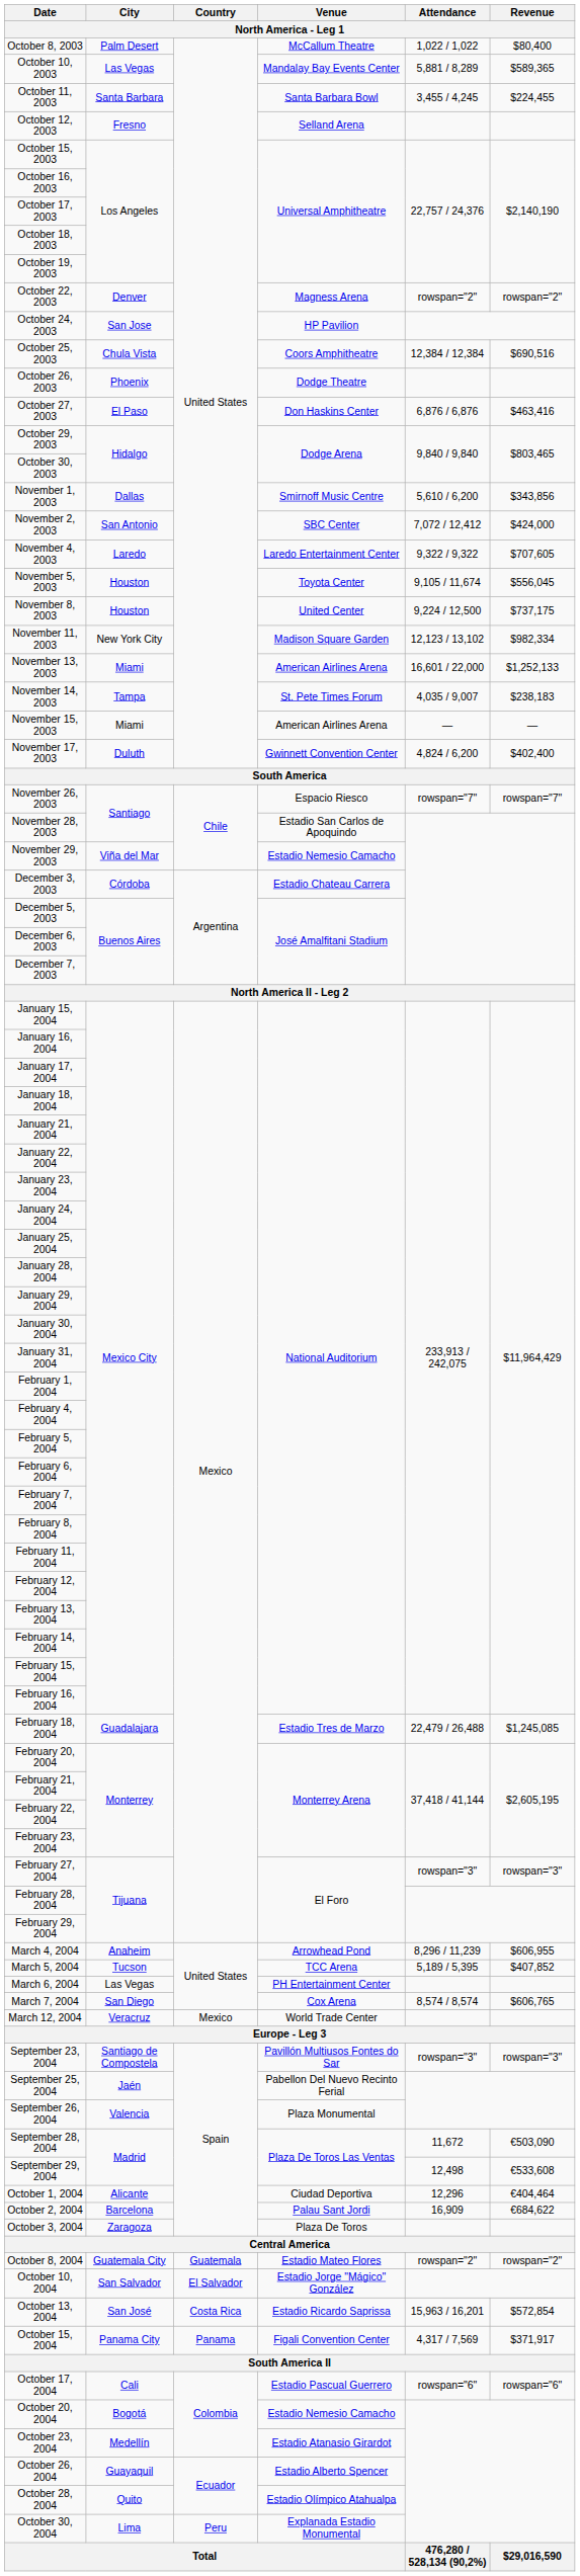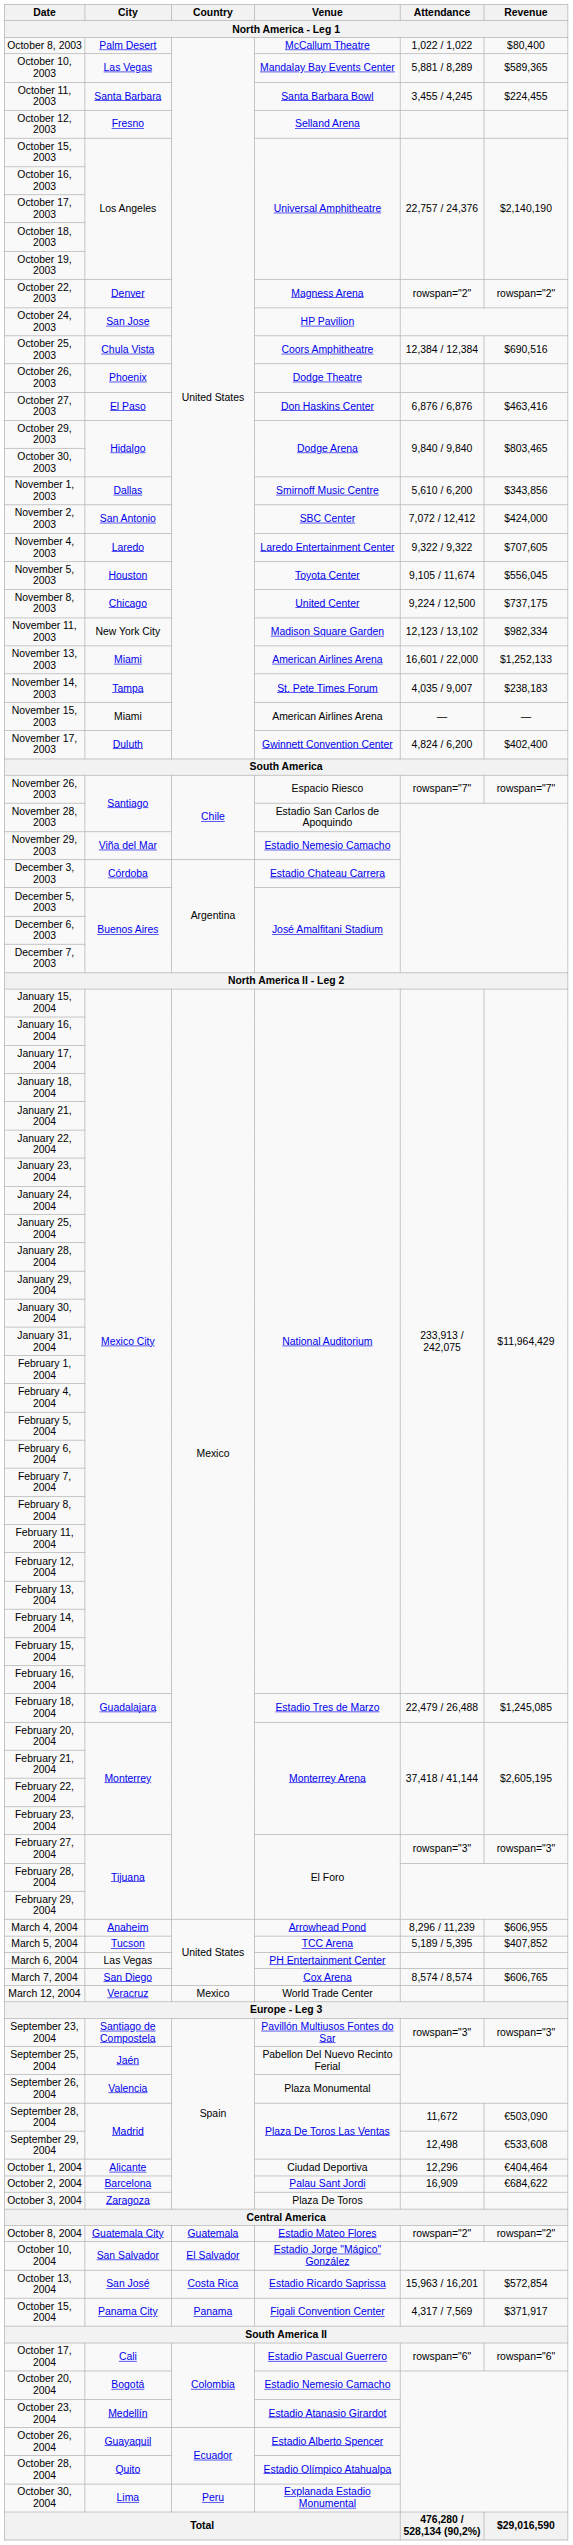 <table class="wikitable plainrowheaders" style="text-align:center;">
 <tr>
 <th width="150">Date</th>
 <th width="160">City</th>
 <th width="160">Country</th>
 <th width="320">Venue</th>
 <th width="150">Attendance</th>
 <th width="150">Revenue</th>
 </tr>
 <tr>
 <th colspan="7">North America - Leg 1</th>
 </tr>
 <tr>
 <td>October 8, 2003</td>
 <td><a href='#'>Palm Desert</a></td>
 <td rowspan="26">United States</td>
 <td><a href='#'>McCallum Theatre</a></td>
 <td>1,022 / 1,022</td>
 <td>$80,400</td>
 </tr>
 <tr>
 <td>October 10, 2003</td>
 <td><a href='#'>Las Vegas</a></td>
 <td><a href='#'>Mandalay Bay Events Center</a></td>
 <td>5,881 / 8,289</td>
 <td>$589,365</td>
 </tr>
 <tr>
 <td>October 11, 2003</td>
 <td><a href='#'>Santa Barbara</a></td>
 <td><a href='#'>Santa Barbara Bowl</a></td>
 <td>3,455 / 4,245</td>
 <td>$224,455</td>
 </tr>
 <tr>
 <td>October 12, 2003</td>
 <td><a href='#'>Fresno</a></td>
 <td><a href='#'>Selland Arena</a></td>
 <td></td>
 <td></td>
 </tr>
 <tr>
 <td>October 15, 2003</td>
 <td rowspan="5">Los Angeles</td>
 <td rowspan="5"><a href='#'>Universal Amphitheatre</a></td>
 <td rowspan="5">22,757 / 24,376</td>
 <td rowspan="5">$2,140,190</td>
 </tr>
 <tr>
 <td>October 16, 2003</td>
 </tr>
 <tr>
 <td>October 17, 2003</td>
 </tr>
 <tr>
 <td>October 18, 2003</td>
 </tr>
 <tr>
 <td>October 19, 2003</td>
 </tr>
 <tr>
 <td>October 22, 2003</td>
 <td><a href='#'>Denver</a></td>
 <td><a href='#'>Magness Arena</a></td>
 <td>rowspan="2" </td>
 <td>rowspan="2" </td>
 </tr>
 <tr>
 <td>October 24, 2003</td>
 <td><a href='#'>San Jose</a></td>
 <td><a href='#'>HP Pavilion</a></td>
 </tr>
 <tr>
 <td>October 25, 2003</td>
 <td><a href='#'>Chula Vista</a></td>
 <td><a href='#'>Coors Amphitheatre</a></td>
 <td>12,384 / 12,384</td>
 <td>$690,516</td>
 </tr>
 <tr>
 <td>October 26, 2003</td>
 <td><a href='#'>Phoenix</a></td>
 <td><a href='#'>Dodge Theatre</a></td>
 <td></td>
 <td></td>
 </tr>
 <tr>
 <td>October 27, 2003</td>
 <td><a href='#'>El Paso</a></td>
 <td><a href='#'>Don Haskins Center</a></td>
 <td>6,876 / 6,876</td>
 <td>$463,416</td>
 </tr>
 <tr>
 <td>October 29, 2003</td>
 <td rowspan="2"><a href='#'>Hidalgo</a></td>
 <td rowspan="2"><a href='#'>Dodge Arena</a></td>
 <td rowspan="2">9,840 / 9,840</td>
 <td rowspan="2">$803,465</td>
 </tr>
 <tr>
 <td>October 30, 2003</td>
 </tr>
 <tr>
 <td>November 1, 2003</td>
 <td><a href='#'>Dallas</a></td>
 <td><a href='#'>Smirnoff Music Centre</a></td>
 <td>5,610 / 6,200</td>
 <td>$343,856</td>
 </tr>
 <tr>
 <td>November 2, 2003</td>
 <td><a href='#'>San Antonio</a></td>
 <td><a href='#'>SBC Center</a></td>
 <td>7,072 / 12,412</td>
 <td>$424,000</td>
 </tr>
 <tr>
 <td>November 4, 2003</td>
 <td><a href='#'>Laredo</a></td>
 <td><a href='#'>Laredo Entertainment Center</a></td>
 <td>9,322 / 9,322</td>
 <td>$707,605</td>
 </tr>
 <tr>
 <td>November 5, 2003</td>
 <td><a href='#'>Houston</a></td>
 <td><a href='#'>Toyota Center</a></td>
 <td>9,105 / 11,674</td>
 <td>$556,045</td>
 </tr>
 <tr>
 <td>November 8, 2003</td>
-<td><a href='#'>Houston</a></td>
+<td><a href='#'>Chicago</a></td>
 <td><a href='#'>United Center</a></td>
 <td>9,224 / 12,500</td>
 <td>$737,175</td>
 </tr>
 <tr>
 <td>November 11, 2003</td>
 <td>New York City</td>
 <td><a href='#'>Madison Square Garden</a></td>
 <td>12,123 / 13,102</td>
 <td>$982,334</td>
 </tr>
 <tr>
 <td>November 13, 2003</td>
 <td><a href='#'>Miami</a></td>
 <td><a href='#'>American Airlines Arena</a></td>
 <td>16,601 / 22,000</td>
 <td>$1,252,133</td>
 </tr>
 <tr>
 <td>November 14, 2003</td>
 <td><a href='#'>Tampa</a></td>
 <td><a href='#'>St. Pete Times Forum</a></td>
 <td>4,035 / 9,007</td>
 <td>$238,183</td>
 </tr>
 <tr>
 <td>November 15, 2003</td>
 <td>Miami</td>
 <td>American Airlines Arena</td>
 <td>—</td>
 <td>—</td>
 </tr>
 <tr>
 <td>November 17, 2003</td>
 <td><a href='#'>Duluth</a></td>
 <td><a href='#'>Gwinnett Convention Center</a></td>
 <td>4,824 / 6,200</td>
 <td>$402,400</td>
 </tr>
 <tr>
 <th colspan="7">South America</th>
 </tr>
 <tr>
 <td>November 26, 2003</td>
 <td rowspan="2"><a href='#'>Santiago</a></td>
 <td rowspan="3"><a href='#'>Chile</a></td>
 <td>Espacio Riesco</td>
 <td>rowspan="7" </td>
 <td>rowspan="7" </td>
 </tr>
 <tr>
 <td>November 28, 2003</td>
 <td>Estadio San Carlos de Apoquindo</td>
 </tr>
 <tr>
 <td>November 29, 2003</td>
 <td><a href='#'>Viña del Mar</a></td>
 <td><a href='#'>Estadio Nemesio Camacho</a></td>
 </tr>
 <tr>
 <td>December 3, 2003</td>
 <td><a href='#'>Córdoba</a></td>
 <td rowspan="4">Argentina</td>
 <td><a href='#'>Estadio Chateau Carrera</a></td>
 </tr>
 <tr>
 <td>December 5, 2003</td>
 <td rowspan="3"><a href='#'>Buenos Aires</a></td>
 <td rowspan="3"><a href='#'>José Amalfitani Stadium</a></td>
 </tr>
 <tr>
 <td>December 6, 2003</td>
 </tr>
 <tr>
 <td>December 7, 2003</td>
 </tr>
 <tr>
 <th colspan="7">North America II - Leg 2</th>
 </tr>
 <tr>
 <td>January 15, 2004</td>
 <td rowspan="25"><a href='#'>Mexico City</a></td>
 <td rowspan="33">Mexico</td>
 <td rowspan="25"><a href='#'>National Auditorium</a></td>
 <td rowspan="25">233,913 / 242,075</td>
 <td rowspan="25">$11,964,429</td>
 </tr>
 <tr>
 <td>January 16, 2004</td>
 </tr>
 <tr>
 <td>January 17, 2004</td>
 </tr>
 <tr>
 <td>January 18, 2004</td>
 </tr>
 <tr>
 <td>January 21, 2004</td>
 </tr>
 <tr>
 <td>January 22, 2004</td>
 </tr>
 <tr>
 <td>January 23, 2004</td>
 </tr>
 <tr>
 <td>January 24, 2004</td>
 </tr>
 <tr>
 <td>January 25, 2004</td>
 </tr>
 <tr>
 <td>January 28, 2004</td>
 </tr>
 <tr>
 <td>January 29, 2004</td>
 </tr>
 <tr>
 <td>January 30, 2004</td>
 </tr>
 <tr>
 <td>January 31, 2004</td>
 </tr>
 <tr>
 <td>February 1, 2004</td>
 </tr>
 <tr>
 <td>February 4, 2004</td>
 </tr>
 <tr>
 <td>February 5, 2004</td>
 </tr>
 <tr>
 <td>February 6, 2004</td>
 </tr>
 <tr>
 <td>February 7, 2004</td>
 </tr>
 <tr>
 <td>February 8, 2004</td>
 </tr>
 <tr>
 <td>February 11, 2004</td>
 </tr>
 <tr>
 <td>February 12, 2004</td>
 </tr>
 <tr>
 <td>February 13, 2004</td>
 </tr>
 <tr>
 <td>February 14, 2004</td>
 </tr>
 <tr>
 <td>February 15, 2004</td>
 </tr>
 <tr>
 <td>February 16, 2004</td>
 </tr>
 <tr>
 <td>February 18, 2004</td>
 <td><a href='#'>Guadalajara</a></td>
 <td><a href='#'>Estadio Tres de Marzo</a></td>
 <td>22,479 / 26,488</td>
 <td>$1,245,085</td>
 </tr>
 <tr>
 <td>February 20, 2004</td>
 <td rowspan="4"><a href='#'>Monterrey</a></td>
 <td rowspan="4"><a href='#'>Monterrey Arena</a></td>
 <td rowspan="4">37,418 / 41,144</td>
 <td rowspan="4">$2,605,195</td>
 </tr>
 <tr>
 <td>February 21, 2004</td>
 </tr>
 <tr>
 <td>February 22, 2004</td>
 </tr>
 <tr>
 <td>February 23, 2004</td>
 </tr>
 <tr>
 <td>February 27, 2004</td>
 <td rowspan="3"><a href='#'>Tijuana</a></td>
 <td rowspan="3">El Foro</td>
 <td>rowspan="3" </td>
 <td>rowspan="3" </td>
 </tr>
 <tr>
 <td>February 28, 2004</td>
 </tr>
 <tr>
 <td>February 29, 2004</td>
 </tr>
 <tr>
 <td>March 4, 2004</td>
 <td><a href='#'>Anaheim</a></td>
 <td rowspan="4">United States</td>
 <td><a href='#'>Arrowhead Pond</a></td>
 <td>8,296 / 11,239</td>
 <td>$606,955</td>
 </tr>
 <tr>
 <td>March 5, 2004</td>
 <td><a href='#'>Tucson</a></td>
 <td><a href='#'>TCC Arena</a></td>
 <td>5,189 / 5,395</td>
 <td>$407,852</td>
 </tr>
 <tr>
 <td>March 6, 2004</td>
 <td>Las Vegas</td>
 <td><a href='#'>PH Entertainment Center</a></td>
 <td></td>
 <td></td>
 </tr>
 <tr>
 <td>March 7, 2004</td>
 <td><a href='#'>San Diego</a></td>
 <td><a href='#'>Cox Arena</a></td>
 <td>8,574 / 8,574</td>
 <td>$606,765</td>
 </tr>
 <tr>
 <td>March 12, 2004</td>
 <td><a href='#'>Veracruz</a></td>
 <td>Mexico</td>
 <td>World Trade Center</td>
 <td></td>
 <td></td>
 </tr>
 <tr>
 <th colspan="7">Europe - Leg 3</th>
 </tr>
 <tr>
 <td>September 23, 2004</td>
 <td><a href='#'>Santiago de Compostela</a></td>
 <td rowspan="8">Spain</td>
 <td><a href='#'>Pavillón Multiusos Fontes do Sar</a></td>
 <td>rowspan="3" </td>
 <td>rowspan="3" </td>
 </tr>
 <tr>
 <td>September 25, 2004</td>
 <td><a href='#'>Jaén</a></td>
 <td>Pabellon Del Nuevo Recinto Ferial</td>
 </tr>
 <tr>
 <td>September 26, 2004</td>
 <td><a href='#'>Valencia</a></td>
 <td>Plaza Monumental</td>
 </tr>
 <tr>
 <td>September 28, 2004</td>
 <td rowspan="2"><a href='#'>Madrid</a></td>
 <td rowspan="2"><a href='#'>Plaza De Toros Las Ventas</a></td>
 <td>11,672</td>
 <td>€503,090</td>
 </tr>
 <tr>
 <td>September 29, 2004</td>
 <td>12,498</td>
 <td>€533,608</td>
 </tr>
 <tr>
 <td>October 1, 2004</td>
 <td><a href='#'>Alicante</a></td>
 <td>Ciudad Deportiva</td>
 <td>12,296</td>
 <td>€404,464</td>
 </tr>
 <tr>
 <td>October 2, 2004</td>
 <td><a href='#'>Barcelona</a></td>
 <td><a href='#'>Palau Sant Jordi</a></td>
 <td>16,909</td>
 <td>€684,622</td>
 </tr>
 <tr>
 <td>October 3, 2004</td>
 <td><a href='#'>Zaragoza</a></td>
 <td>Plaza De Toros</td>
 <td></td>
 <td></td>
 </tr>
 <tr>
 <th colspan="7">Central America</th>
 </tr>
 <tr>
 <td>October 8, 2004</td>
 <td><a href='#'>Guatemala City</a></td>
 <td><a href='#'>Guatemala</a></td>
 <td><a href='#'>Estadio Mateo Flores</a></td>
 <td>rowspan="2" </td>
 <td>rowspan="2" </td>
 </tr>
 <tr>
 <td>October 10, 2004</td>
 <td><a href='#'>San Salvador</a></td>
 <td><a href='#'>El Salvador</a></td>
 <td><a href='#'>Estadio Jorge "Mágico" González</a></td>
 </tr>
 <tr>
 <td>October 13, 2004</td>
 <td><a href='#'>San José</a></td>
 <td><a href='#'>Costa Rica</a></td>
 <td><a href='#'>Estadio Ricardo Saprissa</a></td>
 <td>15,963 / 16,201</td>
 <td>$572,854</td>
 </tr>
 <tr>
 <td>October 15, 2004</td>
 <td><a href='#'>Panama City</a></td>
 <td><a href='#'>Panama</a></td>
 <td><a href='#'>Figali Convention Center</a></td>
 <td>4,317 / 7,569</td>
 <td>$371,917</td>
 </tr>
 <tr>
 <th colspan="7">South America II</th>
 </tr>
 <tr>
 <td>October 17, 2004</td>
 <td><a href='#'>Cali</a></td>
 <td rowspan="3"><a href='#'>Colombia</a></td>
 <td><a href='#'>Estadio Pascual Guerrero</a></td>
 <td>rowspan="6" </td>
 <td>rowspan="6" </td>
 </tr>
 <tr>
 <td>October 20, 2004</td>
 <td><a href='#'>Bogotá</a></td>
 <td><a href='#'>Estadio Nemesio Camacho</a></td>
 </tr>
 <tr>
 <td>October 23, 2004</td>
 <td><a href='#'>Medellín</a></td>
 <td><a href='#'>Estadio Atanasio Girardot</a></td>
 </tr>
 <tr>
 <td>October 26, 2004</td>
 <td><a href='#'>Guayaquil</a></td>
 <td rowspan="2"><a href='#'>Ecuador</a></td>
 <td><a href='#'>Estadio Alberto Spencer</a></td>
 </tr>
 <tr>
 <td>October 28, 2004</td>
 <td><a href='#'>Quito</a></td>
 <td><a href='#'>Estadio Olímpico Atahualpa</a></td>
 </tr>
 <tr>
 <td>October 30, 2004</td>
 <td><a href='#'>Lima</a></td>
 <td><a href='#'>Peru</a></td>
 <td><a href='#'>Explanada Estadio Monumental</a></td>
 </tr>
 <tr>
 <th colspan="4">Total</th>
 <th>476,280 / 528,134 (90,2%)</th>
 <th>$29,016,590</th>
 </tr>
 </table>
